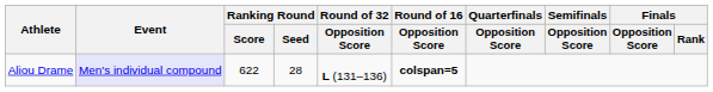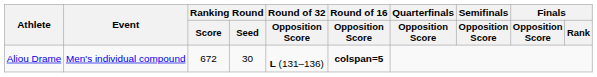 <table class="wikitable" style="text-align: center; font-size:90%">
 <tr>
 <th rowspan="2">Athlete</th>
 <th rowspan="2">Event</th>
 <th colspan="2">Ranking Round</th>
 <th>Round of 32</th>
 <th>Round of 16</th>
 <th>Quarterfinals</th>
 <th>Semifinals</th>
 <th colspan="2">Finals</th>
 </tr>
 <tr style="font-size:95%">
 <th>Score</th>
 <th>Seed</th>
 <th>Opposition<br>Score</th>
 <th>Opposition<br>Score</th>
 <th>Opposition<br>Score</th>
 <th>Opposition<br>Score</th>
 <th>Opposition<br>Score</th>
 <th>Rank</th>
 </tr>
 <tr>
 <td align=left><a href='#'>Aliou Drame</a></td>
-<td align=left style="background: lavender;"><a href='#'>Men's individual compound</a></td>
-<td>622</td>
-<td>28</td>
+<td align=left><a href='#'>Men's individual compound</a></td>
+<td>672</td>
+<td>30</td>
 <td><br><strong>L</strong> (131–136)</td>
 <td><strong>colspan=5 </strong></td>
 </tr>
 </table>
